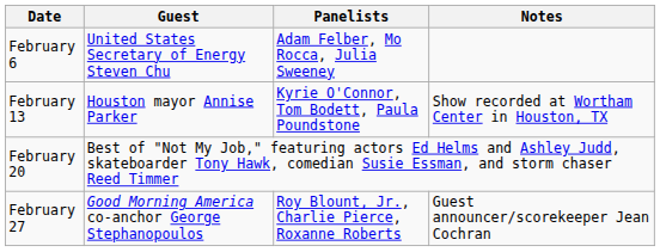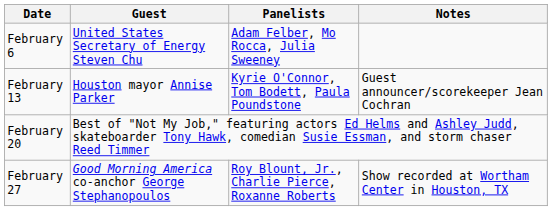 <table class="wikitable">
 <tr>
 <th>Date</th>
 <th>Guest</th>
 <th>Panelists</th>
 <th>Notes</th>
 </tr>
 <tr>
 <td>February 6</td>
 <td><a href='#'>United States Secretary of Energy</a> <a href='#'>Steven Chu</a></td>
 <td><a href='#'>Adam Felber</a>, <a href='#'>Mo Rocca</a>, <a href='#'>Julia Sweeney</a></td>
 <td></td>
 </tr>
 <tr>
 <td>February 13</td>
 <td><a href='#'>Houston</a> mayor <a href='#'>Annise Parker</a></td>
 <td><a href='#'>Kyrie O'Connor</a>, <a href='#'>Tom Bodett</a>, <a href='#'>Paula Poundstone</a></td>
-<td>Show recorded at <a href='#'>Wortham Center</a> in <a href='#'>Houston, TX</a></td>
+<td>Guest announcer/scorekeeper Jean Cochran</td>
 </tr>
 <tr>
 <td>February 20</td>
 <td colspan=3>Best of "Not My Job," featuring actors <a href='#'>Ed Helms</a> and <a href='#'>Ashley Judd</a>, skateboarder <a href='#'>Tony Hawk</a>, comedian <a href='#'>Susie Essman</a>, and storm chaser <a href='#'>Reed Timmer</a></td>
 </tr>
 <tr>
 <td>February 27</td>
 <td><em><a href='#'>Good Morning America</a></em> co-anchor <a href='#'>George Stephanopoulos</a></td>
 <td><a href='#'>Roy Blount, Jr.</a>, <a href='#'>Charlie Pierce</a>, <a href='#'>Roxanne Roberts</a></td>
-<td>Guest announcer/scorekeeper Jean Cochran</td>
+<td>Show recorded at <a href='#'>Wortham Center</a> in <a href='#'>Houston, TX</a></td>
 </tr>
 </table>
